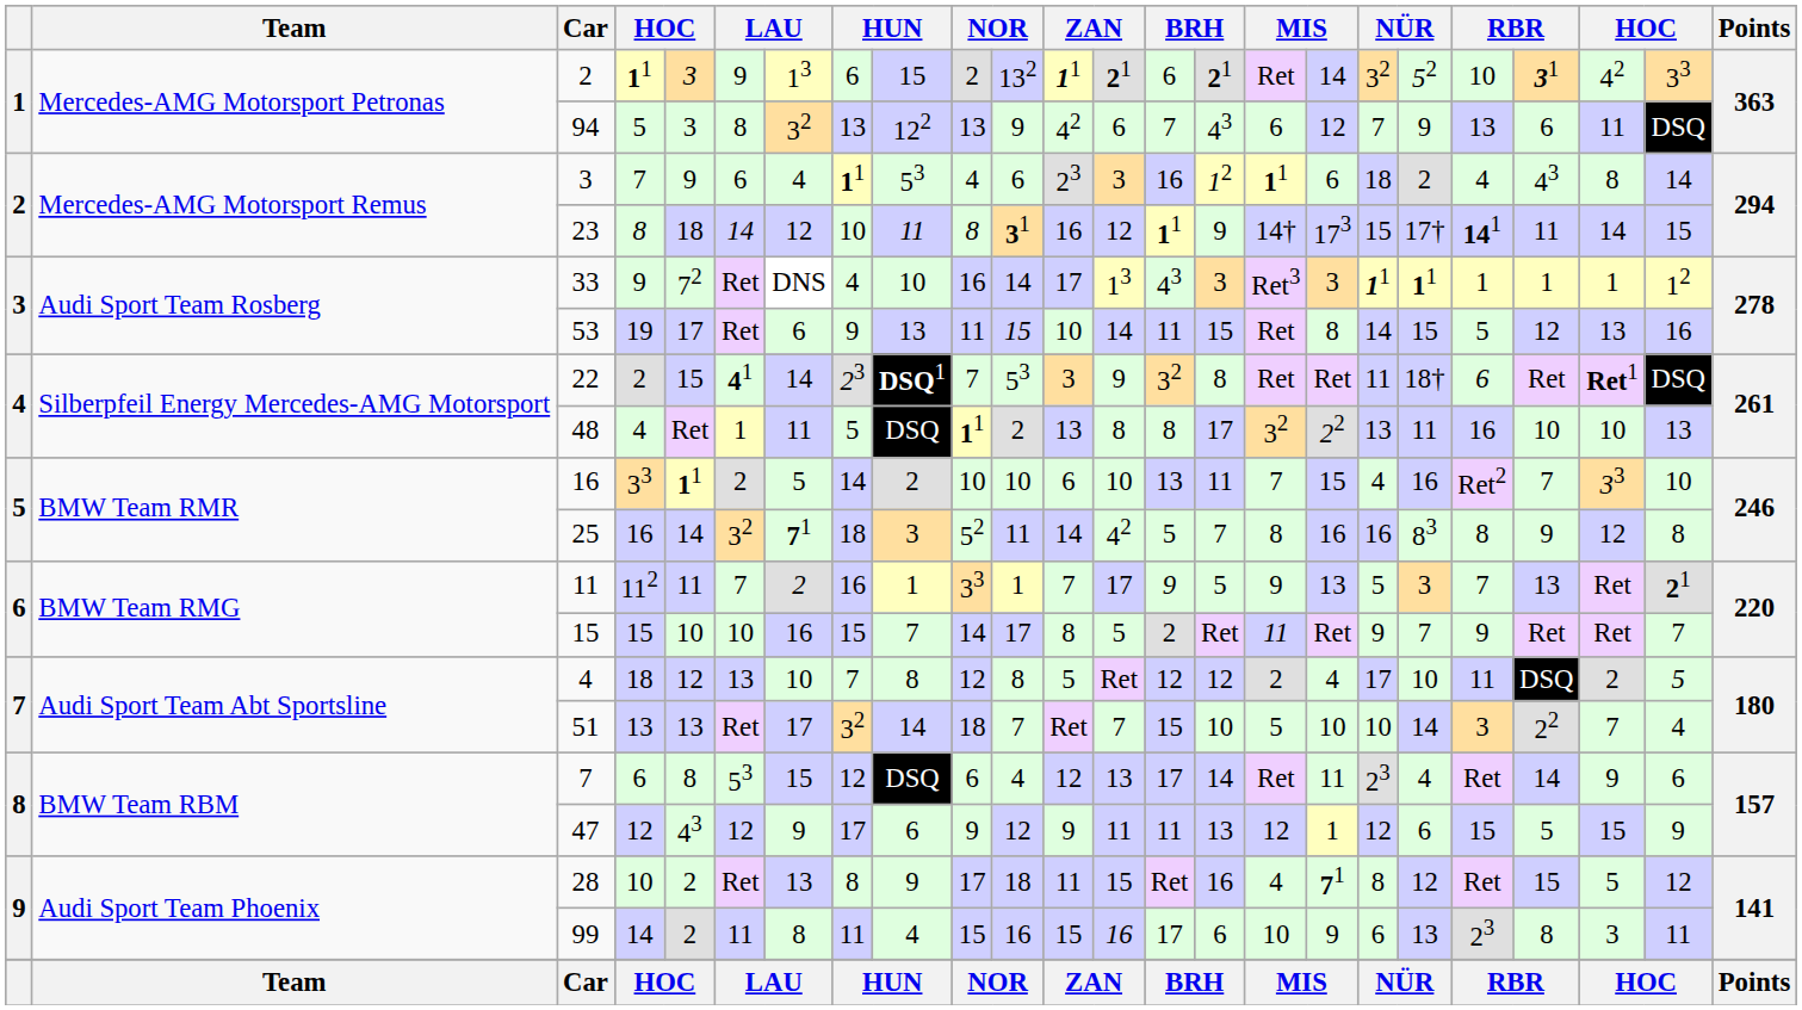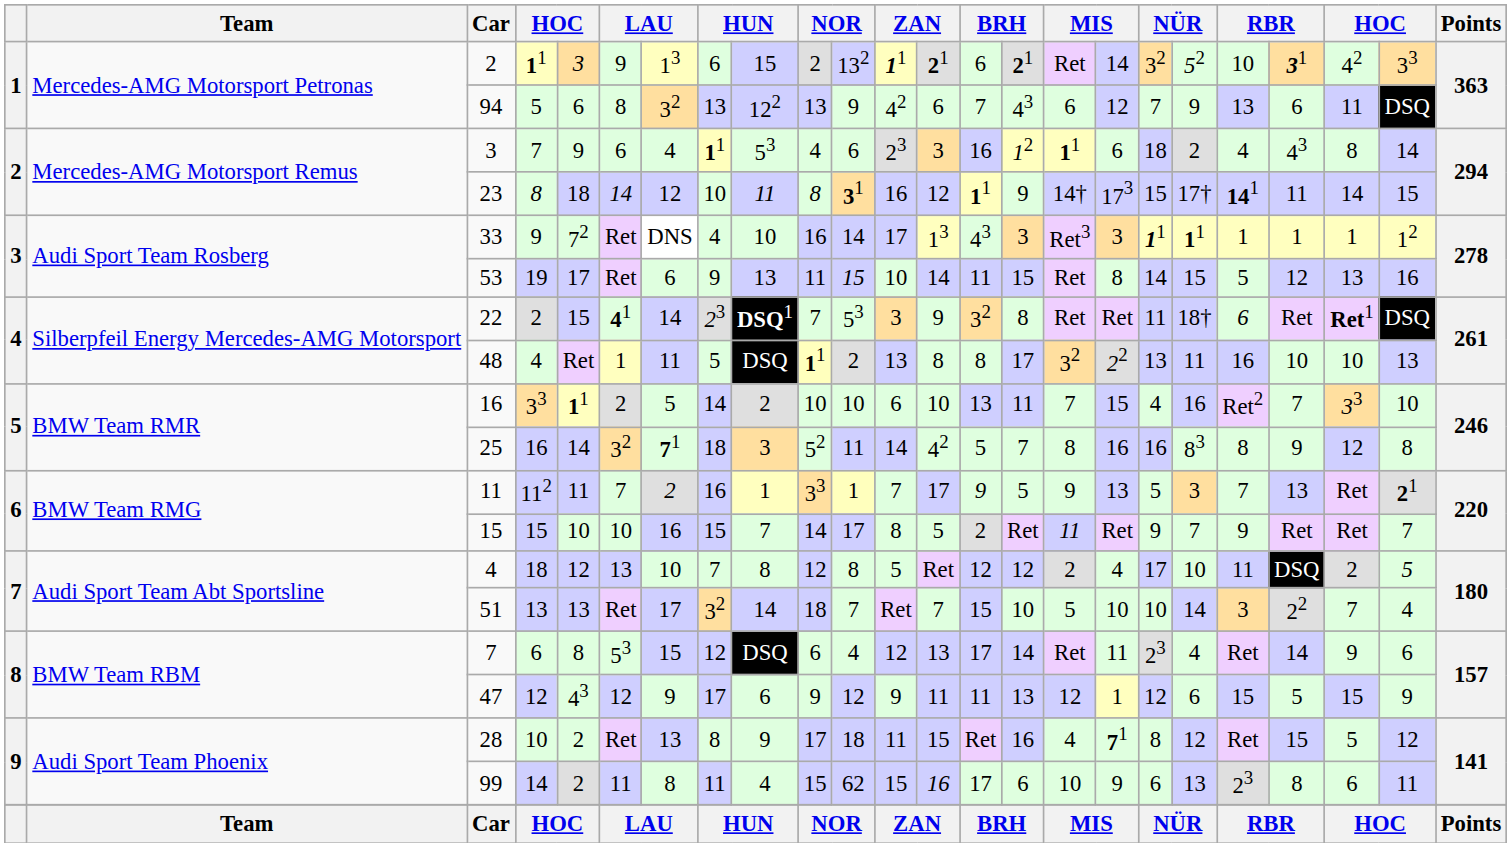 <table class="wikitable" style="font-size:85%; text-align:center">
 <tr style="background:#f9f9f9" valign="top">
 <th valign="middle"></th>
 <th valign="middle">Team</th>
 <th valign="middle">Car</th>
 <th colspan="2"><a href='#'>HOC</a><br></th>
 <th colspan="2"><a href='#'>LAU</a><br></th>
 <th colspan="2"><a href='#'>HUN</a><br></th>
 <th colspan="2"><a href='#'>NOR</a><br></th>
 <th colspan="2"><a href='#'>ZAN</a><br></th>
 <th colspan="2"><a href='#'>BRH</a><br></th>
 <th colspan="2"><a href='#'>MIS</a><br></th>
 <th colspan="2"><a href='#'>NÜR</a><br></th>
 <th colspan="2"><a href='#'>RBR</a><br></th>
 <th colspan="2"><a href='#'>HOC</a><br></th>
 <th valign="middle">Points</th>
 </tr>
 <tr>
 <th rowspan="2">1</th>
 <td rowspan="2" align="left"><a href='#'>Mercedes-AMG Motorsport Petronas</a></td>
 <td>2</td>
 <td style="background:#ffffbf;"><strong>1</strong><sup>1</sup></td>
 <td style="background:#ffdf9f;"><em>3</em></td>
 <td style="background:#dfffdf;">9</td>
 <td style="background:#ffffbf;">1<sup>3</sup></td>
 <td style="background:#dfffdf;">6</td>
 <td style="background:#cfcfff;">15</td>
 <td style="background:#dfdfdf;">2</td>
 <td style="background:#cfcfff;">13<sup>2</sup></td>
 <td style="background:#ffffbf;"><strong><em>1</em></strong><sup>1</sup></td>
 <td style="background:#dfdfdf;"><strong>2</strong><sup>1</sup></td>
 <td style="background:#dfffdf;">6</td>
 <td style="background:#dfdfdf;"><strong>2</strong><sup>1</sup></td>
 <td style="background:#efcfff;">Ret</td>
 <td style="background:#cfcfff;">14</td>
 <td style="background:#ffdf9f;">3<sup>2</sup></td>
 <td style="background:#dfffdf;"><em>5</em><sup>2</sup></td>
 <td style="background:#dfffdf;">10</td>
 <td style="background:#ffdf9f;"><strong><em>3</em></strong><sup>1</sup></td>
 <td style="background:#dfffdf;">4<sup>2</sup></td>
 <td style="background:#ffdf9f;">3<sup>3</sup></td>
 <th rowspan="2">363</th>
 </tr>
 <tr>
 <td>94</td>
 <td style="background:#dfffdf;">5</td>
-<td style="background:#dfffdf;">3</td>
+<td style="background:#dfffdf;">6</td>
 <td style="background:#dfffdf;">8</td>
 <td style="background:#ffdf9f;">3<sup>2</sup></td>
 <td style="background:#cfcfff;">13</td>
 <td style="background:#cfcfff;">12<sup>2</sup></td>
 <td style="background:#cfcfff;">13</td>
 <td style="background:#dfffdf;">9</td>
 <td style="background:#dfffdf;">4<sup>2</sup></td>
 <td style="background:#dfffdf;">6</td>
 <td style="background:#dfffdf;">7</td>
 <td style="background:#dfffdf;">4<sup>3</sup></td>
 <td style="background:#dfffdf;">6</td>
 <td style="background:#cfcfff;">12</td>
 <td style="background:#dfffdf;">7</td>
 <td style="background:#dfffdf;">9</td>
 <td style="background:#cfcfff;">13</td>
 <td style="background:#dfffdf;">6</td>
 <td style="background:#cfcfff;">11</td>
 <td style="background:#000000; color:#ffffff;">DSQ</td>
 </tr>
 <tr>
 <th rowspan="2">2</th>
 <td rowspan="2" align="left"><a href='#'>Mercedes-AMG Motorsport Remus</a></td>
 <td>3</td>
 <td style="background:#dfffdf;">7</td>
 <td style="background:#dfffdf;">9</td>
 <td style="background:#dfffdf;">6</td>
 <td style="background:#dfffdf;">4</td>
 <td style="background:#ffffbd;"><strong>1</strong><sup>1</sup></td>
 <td style="background:#dfffdf;">5<sup>3</sup></td>
 <td style="background:#dfffdf;">4</td>
 <td style="background:#dfffdf;">6</td>
 <td style="background:#dfdfdf;">2<sup>3</sup></td>
 <td style="background:#ffdf9f;">3</td>
 <td style="background:#cfcfff;">16</td>
 <td style="background:#ffffbf;"><em>1</em><sup>2</sup></td>
 <td style="background:#ffffbf;"><strong>1</strong><sup>1</sup></td>
 <td style="background:#dfffdf;">6</td>
 <td style="background:#cfcfff;">18</td>
 <td style="background:#dfdfdf;">2</td>
 <td style="background:#dfffdf;">4</td>
 <td style="background:#dfffdf;">4<sup>3</sup></td>
 <td style="background:#dfffdf;">8</td>
 <td style="background:#cfcfff;">14</td>
 <th rowspan="2">294</th>
 </tr>
 <tr>
 <td>23</td>
 <td style="background:#dfffdf;"><em>8</em></td>
 <td style="background:#cfcfff;">18</td>
 <td style="background:#cfcfff;"><em>14</em></td>
 <td style="background:#cfcfff;">12</td>
 <td style="background:#dfffdf;">10</td>
 <td style="background:#cfcfff;"><em>11</em></td>
 <td style="background:#dfffdf;"><em>8</em></td>
 <td style="background:#ffdf9f;"><strong>3</strong><sup>1</sup></td>
 <td style="background:#cfcfff;">16</td>
 <td style="background:#cfcfff;">12</td>
 <td style="background:#ffffbf;"><strong>1</strong><sup>1</sup></td>
 <td style="background:#dfffdf;">9</td>
 <td style="background:#cfcfff;">14†</td>
 <td style="background:#cfcfff;">17<sup>3</sup></td>
 <td style="background:#cfcfff;">15</td>
 <td style="background:#cfcfff;">17†</td>
 <td style="background:#cfcfff;"><strong>14</strong><sup>1</sup></td>
 <td style="background:#cfcfff;">11</td>
 <td style="background:#cfcfff;">14</td>
 <td style="background:#cfcfff;">15</td>
 </tr>
 <tr>
 <th rowspan="2">3</th>
 <td rowspan="2" align="left"><a href='#'>Audi Sport Team Rosberg</a></td>
 <td>33</td>
 <td style="background:#dfffdf;">9</td>
 <td style="background:#dfffdf;">7<sup>2</sup></td>
 <td style="background:#efcfff;">Ret</td>
 <td style="background:#ffffff;">DNS</td>
 <td style="background:#dfffdf;">4</td>
 <td style="background:#dfffdf;">10</td>
 <td style="background:#cfcfff;">16</td>
 <td style="background:#cfcfff;">14</td>
 <td style="background:#cfcfff;">17</td>
 <td style="background:#ffffbf;">1<sup>3</sup></td>
 <td style="background:#dfffdf;">4<sup>3</sup></td>
 <td style="background:#ffdf9f;">3</td>
 <td style="background:#efcfff;">Ret<sup>3</sup></td>
 <td style="background:#ffdf9f;">3</td>
 <td style="background:#ffffbf;"><strong><em>1</em></strong><sup>1</sup></td>
 <td style="background:#ffffbf;"><strong>1</strong><sup>1</sup></td>
 <td style="background:#ffffbf;">1</td>
 <td style="background:#ffffbf;">1</td>
 <td style="background:#ffffbf;">1</td>
 <td style="background:#ffffbf;">1<sup>2</sup></td>
 <th rowspan="2">278</th>
 </tr>
 <tr>
 <td>53</td>
 <td style="background:#cfcfff;">19</td>
 <td style="background:#cfcfff;">17</td>
 <td style="background:#efcfff;">Ret</td>
 <td style="background:#dfffdf;">6</td>
 <td style="background:#dfffdf;">9</td>
 <td style="background:#cfcfff;">13</td>
 <td style="background:#cfcfff;">11</td>
 <td style="background:#cfcfff;"><em>15</em></td>
 <td style="background:#dfffdf;">10</td>
 <td style="background:#cfcfff;">14</td>
 <td style="background:#cfcfff;">11</td>
 <td style="background:#cfcfff;">15</td>
 <td style="background:#efcfff;">Ret</td>
 <td style="background:#dfffdf;">8</td>
 <td style="background:#cfcfff;">14</td>
 <td style="background:#cfcfff;">15</td>
 <td style="background:#dfffdf;">5</td>
 <td style="background:#cfcfff;">12</td>
 <td style="background:#cfcfff;">13</td>
 <td style="background:#cfcfff;">16</td>
 </tr>
 <tr>
 <th rowspan="2">4</th>
 <td rowspan="2" align="left"><a href='#'>Silberpfeil Energy Mercedes-AMG Motorsport</a></td>
 <td>22</td>
 <td style="background:#dfdfdf;">2</td>
 <td style="background:#cfcfff;">15</td>
 <td style="background:#dfffdf;"><strong>4</strong><sup>1</sup></td>
 <td style="background:#cfcfff;">14</td>
 <td style="background:#dfdfdf;"><em>2</em><sup>3</sup></td>
 <td style="background:#000000; color:white;"><strong>DSQ</strong><sup>1</sup></td>
 <td style="background:#dfffdf;">7</td>
 <td style="background:#dfffdf;">5<sup>3</sup></td>
 <td style="background:#ffdf9f;">3</td>
 <td style="background:#dfffdf;">9</td>
 <td style="background:#ffdf9f;">3<sup>2</sup></td>
 <td style="background:#dfffdf;">8</td>
 <td style="background:#efcfff;'">Ret</td>
 <td style="background:#efcfff;'">Ret</td>
 <td style="background:#cfcfff;">11</td>
 <td style="background:#cfcfff;">18†</td>
 <td style="background:#dfffdf;"><em>6</em></td>
 <td style="background:#efcfff;">Ret</td>
 <td style="background:#efcfff;"><strong>Ret</strong><sup>1</sup></td>
 <td style="background:#000000; color:#ffffff;">DSQ</td>
 <th rowspan="2">261</th>
 </tr>
 <tr>
 <td>48</td>
 <td style="background:#dfffdf;">4</td>
 <td style="background:#efcfff;">Ret</td>
 <td style="background:#ffffbf;">1</td>
 <td style="background:#cfcfff;">11</td>
 <td style="background:#dfffdf;">5</td>
 <td style="background:#000000; color:white;">DSQ</td>
 <td style="background:#ffffbd;"><strong>1</strong><sup>1</sup></td>
 <td style="background:#dfdfdf;">2</td>
 <td style="background:#cfcfff;">13</td>
 <td style="background:#dfffdf;">8</td>
 <td style="background:#dfffdf;">8</td>
 <td style="background:#cfcfff;">17</td>
 <td style="background:#ffdf9f;">3<sup>2</sup></td>
 <td style="background:#dfdfdf;"><em>2</em><sup>2</sup></td>
 <td style="background:#cfcfff;">13</td>
 <td style="background:#cfcfff;">11</td>
 <td style="background:#cfcfff;">16</td>
 <td style="background:#dfffdf;">10</td>
 <td style="background:#dfffdf;">10</td>
 <td style="background:#cfcfff;">13</td>
 </tr>
 <tr>
 <th rowspan="2">5</th>
 <td rowspan="2" align="left"><a href='#'>BMW Team RMR</a></td>
 <td>16</td>
 <td style="background:#ffdf9f;">3<sup>3</sup></td>
 <td style="background:#ffffbf;"><strong>1</strong><sup>1</sup></td>
 <td style="background:#dfdfdf;">2</td>
 <td style="background:#dfffdf;">5</td>
 <td style="background:#cfcfff;">14</td>
 <td style="background:#dfdfdf;">2</td>
 <td style="background:#dfffdf;">10</td>
 <td style="background:#dfffdf;">10</td>
 <td style="background:#dfffdf;">6</td>
 <td style="background:#dfffdf;">10</td>
 <td style="background:#cfcfff;">13</td>
 <td style="background:#cfcfff;">11</td>
 <td style="background:#dfffdf;">7</td>
 <td style="background:#cfcfff;">15</td>
 <td style="background:#dfffdf;">4</td>
 <td style="background:#cfcfff;">16</td>
 <td style="background:#efcfff;">Ret<sup>2</sup></td>
 <td style="background:#dfffdf;">7</td>
 <td style="background:#ffdf9f;"><em>3</em><sup>3</sup></td>
 <td style="background:#dfffdf;">10</td>
 <th rowspan="2">246</th>
 </tr>
 <tr>
 <td>25</td>
 <td style="background:#cfcfff;">16</td>
 <td style="background:#cfcfff;">14</td>
 <td style="background:#ffdf9f;">3<sup>2</sup></td>
 <td style="background:#dfffdf;"><strong>7</strong><sup>1</sup></td>
 <td style="background:#cfcfff;">18</td>
 <td style="background:#ffdf9f;">3</td>
 <td style="background:#dfffdf;">5<sup>2</sup></td>
 <td style="background:#cfcfff;">11</td>
 <td style="background:#cfcfff;">14</td>
 <td style="background:#dfffdf;">4<sup>2</sup></td>
 <td style="background:#dfffdf;">5</td>
 <td style="background:#dfffdf;">7</td>
 <td style="background:#dfffdf;">8</td>
 <td style="background:#cfcfff;">16</td>
 <td style="background:#cfcfff;">16</td>
 <td style="background:#dfffdf;">8<sup>3</sup></td>
 <td style="background:#dfffdf;">8</td>
 <td style="background:#dfffdf;">9</td>
 <td style="background:#cfcfff;">12</td>
 <td style="background:#dfffdf;">8</td>
 </tr>
 <tr>
 <th rowspan="2">6</th>
 <td rowspan="2" align="left"><a href='#'>BMW Team RMG</a></td>
 <td>11</td>
 <td style="background:#cfcfff;">11<sup>2</sup></td>
 <td style="background:#cfcfff;">11</td>
 <td style="background:#dfffdf;">7</td>
 <td style="background:#dfdfdf;"><em>2</em></td>
 <td style="background:#cfcfff;">16</td>
 <td style="background:#ffffbf;">1</td>
 <td style="background:#ffdf9f;">3<sup>3</sup></td>
 <td style="background:#ffffbd;">1</td>
 <td style="background:#dfffdf;">7</td>
 <td style="background:#cfcfff;">17</td>
 <td style="background:#dfffdf;"><em>9</em></td>
 <td style="background:#dfffdf;">5</td>
 <td style="background:#dfffdf;">9</td>
 <td style="background:#cfcfff;">13</td>
 <td style="background:#dfffdf;">5</td>
 <td style="background:#ffdf9f;">3</td>
 <td style="background:#dfffdf;">7</td>
 <td style="background:#cfcfff;">13</td>
 <td style="background:#efcfff;">Ret</td>
 <td style="background:#dfdfdf;"><strong>2</strong><sup>1</sup></td>
 <th rowspan="2">220</th>
 </tr>
 <tr>
 <td>15</td>
 <td style="background:#cfcfff;">15</td>
 <td style="background:#dfffdf;">10</td>
 <td style="background:#dfffdf;">10</td>
 <td style="background:#cfcfff;">16</td>
 <td style="background:#cfcfff;">15</td>
 <td style="background:#dfffdf;">7</td>
 <td style="background:#cfcfff;">14</td>
 <td style="background:#cfcfff;">17</td>
 <td style="background:#dfffdf;">8</td>
 <td style="background:#dfffdf;">5</td>
 <td style="background:#dfdfdf;">2</td>
 <td style="background:#efcfff;">Ret</td>
 <td style="background:#cfcfff;"><em>11</em></td>
 <td style="background:#efcfff;">Ret</td>
 <td style="background:#dfffdf;">9</td>
 <td style="background:#dfffdf;">7</td>
 <td style="background:#dfffdf;">9</td>
 <td style="background:#efcfff;">Ret</td>
 <td style="background:#efcfff;">Ret</td>
 <td style="background:#dfffdf;">7</td>
 </tr>
 <tr>
 <th rowspan="2">7</th>
 <td rowspan="2" align="left"><a href='#'>Audi Sport Team Abt Sportsline</a></td>
 <td>4</td>
 <td style="background:#cfcfff;">18</td>
 <td style="background:#cfcfff;">12</td>
 <td style="background:#cfcfff;">13</td>
 <td style="background:#dfffdf;">10</td>
 <td style="background:#dfffdf;">7</td>
 <td style="background:#dfffdf;">8</td>
 <td style="background:#cfcfff;">12</td>
 <td style="background:#dfffdf;">8</td>
 <td style="background:#dfffdf;">5</td>
 <td style="background:#efcfff;">Ret</td>
 <td style="background:#cfcfff;">12</td>
 <td style="background:#cfcfff;">12</td>
 <td style="background:#dfdfdf;">2</td>
 <td style="background:#dfffdf;">4</td>
 <td style="background:#cfcfff;">17</td>
 <td style="background:#dfffdf;">10</td>
 <td style="background:#cfcfff;">11</td>
 <td style="background:#000000; color:white;">DSQ</td>
 <td style="background:#dfdfdf;">2</td>
 <td style="background:#dfffdf;"><em>5</em></td>
 <th rowspan="2">180</th>
 </tr>
 <tr>
 <td>51</td>
 <td style="background:#cfcfff;">13</td>
 <td style="background:#cfcfff;">13</td>
 <td style="background:#efcfff;">Ret</td>
 <td style="background:#cfcfff;">17</td>
 <td style="background:#ffdf9f;">3<sup>2</sup></td>
 <td style="background:#cfcfff;">14</td>
 <td style="background:#cfcfff;">18</td>
 <td style="background:#dfffdf;">7</td>
 <td style="background:#efcfff;">Ret</td>
 <td style="background:#dfffdf;">7</td>
 <td style="background:#cfcfff;">15</td>
 <td style="background:#dfffdf;">10</td>
 <td style="background:#dfffdf;">5</td>
 <td style="background:#dfffdf;">10</td>
 <td style="background:#dfffdf;">10</td>
 <td style="background:#cfcfff;">14</td>
 <td style="background:#ffdf9f;">3</td>
 <td style="background:#dfdfdf;">2<sup>2</sup></td>
 <td style="background:#dfffdf;">7</td>
 <td style="background:#dfffdf;">4</td>
 </tr>
 <tr>
 <th rowspan="2">8</th>
 <td rowspan="2" align="left"><a href='#'>BMW Team RBM</a></td>
 <td>7</td>
 <td style="background:#dfffdf;">6</td>
 <td style="background:#dfffdf;">8</td>
 <td style="background:#dfffdf;">5<sup>3</sup></td>
 <td style="background:#cfcfff;">15</td>
 <td style="background:#cfcfff;">12</td>
 <td style="background:#000000; color:white;">DSQ</td>
 <td style="background:#dfffdf;">6</td>
 <td style="background:#dfffdf;">4</td>
 <td style="background:#cfcfff;">12</td>
 <td style="background:#cfcfff;">13</td>
 <td style="background:#cfcfff;">17</td>
 <td style="background:#cfcfff;">14</td>
 <td style="background:#efcfff;">Ret</td>
 <td style="background:#dfffdf;">11</td>
 <td style="background:#dfdfdf;">2<sup>3</sup></td>
 <td style="background:#dfffdf;">4</td>
 <td style="background:#efcfff;">Ret</td>
 <td style="background:#cfcfff;">14</td>
 <td style="background:#dfffdf;">9</td>
 <td style="background:#dfffdf;">6</td>
 <th rowspan="2">157</th>
 </tr>
 <tr>
 <td>47</td>
 <td style="background:#cfcfff;">12</td>
 <td style="background:#dfffdf;">4<sup>3</sup></td>
 <td style="background:#cfcfff;">12</td>
 <td style="background:#dfffdf;">9</td>
 <td style="background:#cfcfff;">17</td>
 <td style="background:#dfffdf;">6</td>
 <td style="background:#dfffdf;">9</td>
 <td style="background:#cfcfff;">12</td>
 <td style="background:#dfffdf;">9</td>
 <td style="background:#cfcfff;">11</td>
 <td style="background:#cfcfff;">11</td>
 <td style="background:#cfcfff;">13</td>
 <td style="background:#cfcfff;">12</td>
 <td style="background:#ffffbf;">1</td>
 <td style="background:#cfcfff;">12</td>
 <td style="background:#dfffdf;">6</td>
 <td style="background:#cfcfff;">15</td>
 <td style="background:#dfffdf;">5</td>
 <td style="background:#cfcfff;">15</td>
 <td style="background:#dfffdf;">9</td>
 </tr>
 <tr>
 <th rowspan="2">9</th>
 <td rowspan="2" align="left"><a href='#'>Audi Sport Team Phoenix</a></td>
 <td>28</td>
 <td style="background:#dfffdf;">10</td>
 <td style="background:#dfffdf;">2</td>
 <td style="background:#efcfff;">Ret</td>
 <td style="background:#cfcfff;">13</td>
 <td style="background:#dfffdf;">8</td>
 <td style="background:#dfffdf;">9</td>
 <td style="background:#cfcfff;">17</td>
 <td style="background:#cfcfff;">18</td>
 <td style="background:#cfcfff;">11</td>
 <td style="background:#cfcfff;">15</td>
 <td style="background:#efcfff;">Ret</td>
 <td style="background:#cfcfff;">16</td>
 <td style="background:#dfffdf;">4</td>
 <td style="background:#dfffdf;"><strong>7</strong><sup>1</sup></td>
 <td style="background:#dfffdf;">8</td>
 <td style="background:#cfcfff;">12</td>
 <td style="background:#efcfff;">Ret</td>
 <td style="background:#cfcfff;">15</td>
 <td style="background:#dfffdf;">5</td>
 <td style="background:#cfcfff;">12</td>
 <th rowspan="2">141</th>
 </tr>
 <tr>
 <td>99</td>
 <td style="background:#cfcfff;">14</td>
 <td style="background:#dfdfdf;">2</td>
 <td style="background:#cfcfff;">11</td>
 <td style="background:#dfffdf;">8</td>
 <td style="background:#cfcfff;">11</td>
 <td style="background:#dfffdf;">4</td>
 <td style="background:#cfcfff;">15</td>
-<td style="background:#cfcfff;">16</td>
+<td style="background:#cfcfff;">62</td>
 <td style="background:#cfcfff;">15</td>
 <td style="background:#cfcfff;"><em>16</em></td>
 <td style="background:#dfffdf;">17</td>
 <td style="background:#dfffdf;">6</td>
 <td style="background:#dfffdf;">10</td>
 <td style="background:#dfffdf;">9</td>
 <td style="background:#dfffdf;">6</td>
 <td style="background:#cfcfff;">13</td>
 <td style="background:#dfdfdf;">2<sup>3</sup></td>
 <td style="background:#dfffdf;">8</td>
-<td style="background:#dfffdf;">3</td>
+<td style="background:#dfffdf;">6</td>
 <td style="background:#cfcfff;">11</td>
 </tr>
 <tr>
 </tr>
 <tr style="background:#f9f9f9" valign="top">
 <th valign="middle"></th>
 <th valign="middle">Team</th>
 <th valign="middle">Car</th>
 <th colspan="2"><a href='#'>HOC</a><br></th>
 <th colspan="2"><a href='#'>LAU</a><br></th>
 <th colspan="2"><a href='#'>HUN</a><br></th>
 <th colspan="2"><a href='#'>NOR</a><br></th>
 <th colspan="2"><a href='#'>ZAN</a><br></th>
 <th colspan="2"><a href='#'>BRH</a><br></th>
 <th colspan="2"><a href='#'>MIS</a><br></th>
 <th colspan="2"><a href='#'>NÜR</a><br></th>
 <th colspan="2"><a href='#'>RBR</a><br></th>
 <th colspan="2"><a href='#'>HOC</a><br></th>
 <th valign="middle">Points</th>
 </tr>
 </table>
